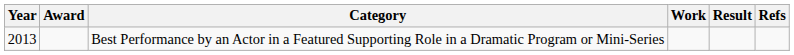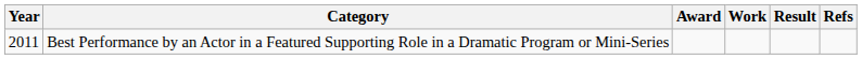 <table class="wikitable">
 <tr>
 <th>Year</th>
+<th>Category</th>
 <th>Award</th>
-<th>Category</th>
 <th>Work</th>
 <th>Result</th>
 <th>Refs</th>
 </tr>
 <tr>
-<td>2013</td>
+<td>2011</td>
+<td>Best Performance by an Actor in a Featured Supporting Role in a Dramatic Program or Mini-Series</td>
 <td></td>
-<td>Best Performance by an Actor in a Featured Supporting Role in a Dramatic Program or Mini-Series</td>
 <td></td>
 <td></td>
 <td style="text-align:center;"></td>
 </tr>
 </table>
